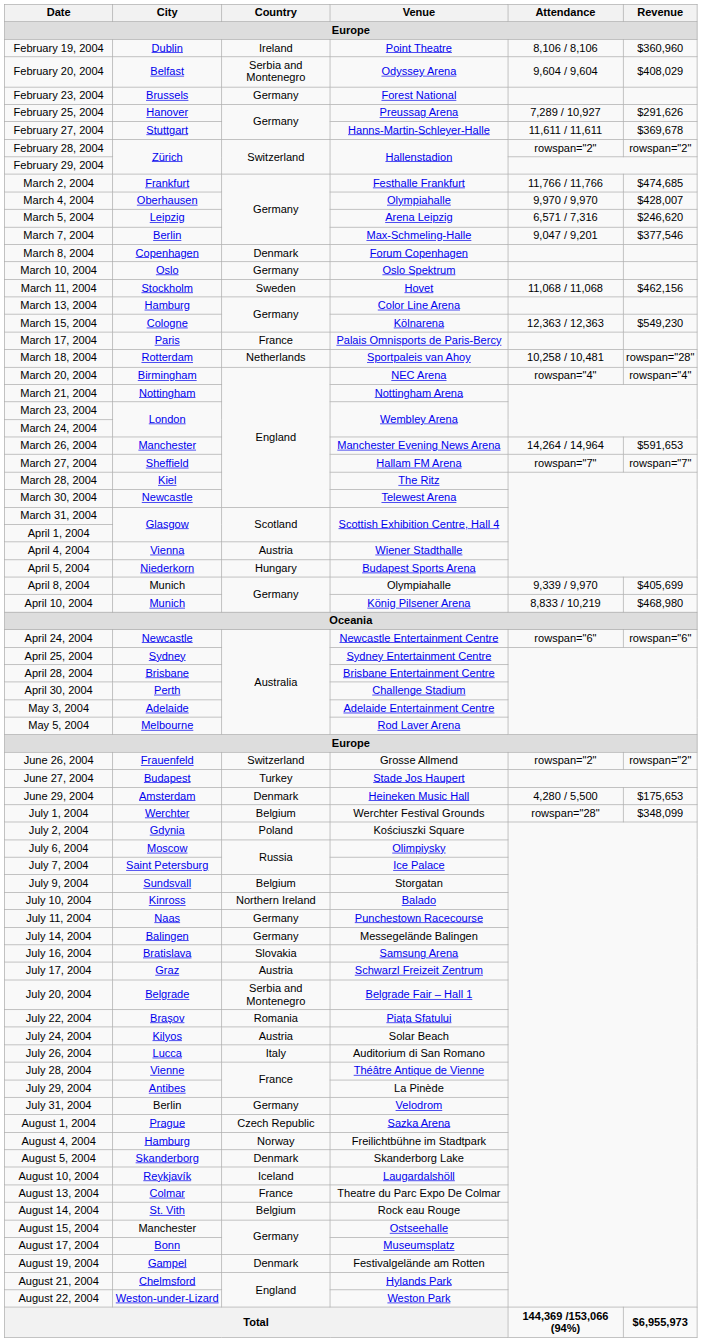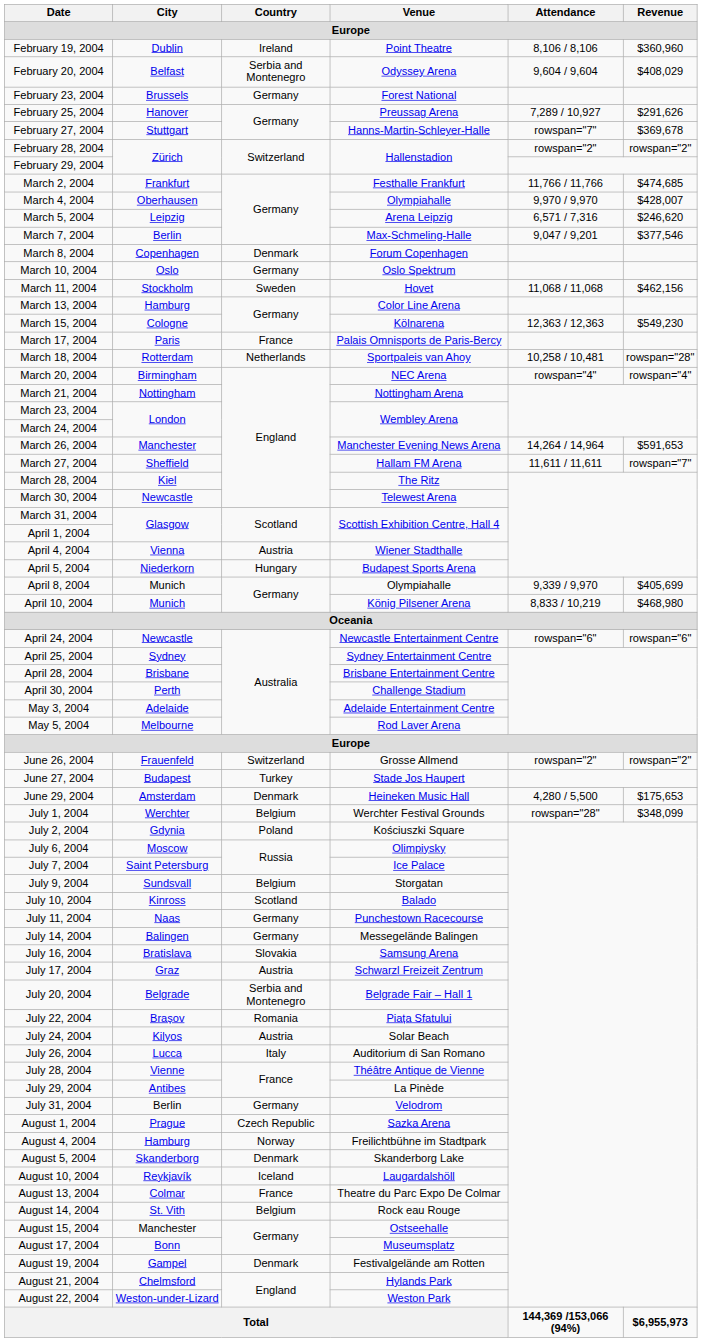 <table class="wikitable" style="text-align:center;">
 <tr>
 <th width="150">Date</th>
 <th width="150">City</th>
 <th width="150">Country</th>
 <th width="250">Venue</th>
 <th width="160">Attendance</th>
 <th width="100">Revenue</th>
 </tr>
 <tr bgcolor="#DDDDDD">
 <td colspan=6><strong>Europe</strong></td>
 </tr>
 <tr>
 <td>February 19, 2004</td>
 <td><a href='#'>Dublin</a></td>
 <td>Ireland</td>
 <td><a href='#'>Point Theatre</a></td>
 <td>8,106 / 8,106</td>
 <td>$360,960</td>
 </tr>
 <tr>
 <td>February 20, 2004</td>
 <td><a href='#'>Belfast</a></td>
 <td>Serbia and Montenegro</td>
 <td><a href='#'>Odyssey Arena</a></td>
 <td>9,604 / 9,604</td>
 <td>$408,029</td>
 </tr>
 <tr>
 <td>February 23, 2004</td>
 <td><a href='#'>Brussels</a></td>
 <td>Germany</td>
 <td><a href='#'>Forest National</a></td>
 <td></td>
 <td></td>
 </tr>
 <tr>
 <td>February 25, 2004</td>
 <td><a href='#'>Hanover</a></td>
 <td rowspan="2">Germany</td>
 <td><a href='#'>Preussag Arena</a></td>
 <td>7,289 / 10,927</td>
 <td>$291,626</td>
 </tr>
 <tr>
 <td>February 27, 2004</td>
 <td><a href='#'>Stuttgart</a></td>
 <td><a href='#'>Hanns-Martin-Schleyer-Halle</a></td>
-<td>11,611 / 11,611</td>
+<td>rowspan="7" </td>
 <td>$369,678</td>
 </tr>
 <tr>
 <td>February 28, 2004</td>
 <td rowspan="2"><a href='#'>Zürich</a></td>
 <td rowspan="2">Switzerland</td>
 <td rowspan="2"><a href='#'>Hallenstadion</a></td>
 <td>rowspan="2" </td>
 <td>rowspan="2" </td>
 </tr>
 <tr>
 <td>February 29, 2004</td>
 </tr>
 <tr>
 <td>March 2, 2004</td>
 <td><a href='#'>Frankfurt</a></td>
 <td rowspan="4">Germany</td>
 <td><a href='#'>Festhalle Frankfurt</a></td>
 <td>11,766 / 11,766</td>
 <td>$474,685</td>
 </tr>
 <tr>
 <td>March 4, 2004</td>
 <td><a href='#'>Oberhausen</a></td>
 <td><a href='#'>Olympiahalle</a></td>
 <td>9,970 / 9,970</td>
 <td>$428,007</td>
 </tr>
 <tr>
 <td>March 5, 2004</td>
 <td><a href='#'>Leipzig</a></td>
 <td><a href='#'>Arena Leipzig</a></td>
 <td>6,571 / 7,316</td>
 <td>$246,620</td>
 </tr>
 <tr>
 <td>March 7, 2004</td>
 <td><a href='#'>Berlin</a></td>
 <td><a href='#'>Max-Schmeling-Halle</a></td>
 <td>9,047 / 9,201</td>
 <td>$377,546</td>
 </tr>
 <tr>
 <td>March 8, 2004</td>
 <td><a href='#'>Copenhagen</a></td>
 <td>Denmark</td>
 <td><a href='#'>Forum Copenhagen</a></td>
 <td></td>
 <td></td>
 </tr>
 <tr>
 <td>March 10, 2004</td>
 <td><a href='#'>Oslo</a></td>
 <td>Germany</td>
 <td><a href='#'>Oslo Spektrum</a></td>
 <td></td>
 <td></td>
 </tr>
 <tr>
 <td>March 11, 2004</td>
 <td><a href='#'>Stockholm</a></td>
 <td>Sweden</td>
 <td><a href='#'>Hovet</a></td>
 <td>11,068 / 11,068</td>
 <td>$462,156</td>
 </tr>
 <tr>
 <td>March 13, 2004</td>
 <td><a href='#'>Hamburg</a></td>
 <td rowspan="2">Germany</td>
 <td><a href='#'>Color Line Arena</a></td>
 <td></td>
 <td></td>
 </tr>
 <tr>
 <td>March 15, 2004</td>
 <td><a href='#'>Cologne</a></td>
 <td><a href='#'>Kölnarena</a></td>
 <td>12,363 / 12,363</td>
 <td>$549,230</td>
 </tr>
 <tr>
 <td>March 17, 2004</td>
 <td><a href='#'>Paris</a></td>
 <td>France</td>
 <td><a href='#'>Palais Omnisports de Paris-Bercy</a></td>
 <td></td>
 <td></td>
 </tr>
 <tr>
 <td>March 18, 2004</td>
 <td><a href='#'>Rotterdam</a></td>
 <td>Netherlands</td>
 <td><a href='#'>Sportpaleis van Ahoy</a></td>
 <td>10,258 / 10,481</td>
 <td>rowspan="28" </td>
 </tr>
 <tr>
 <td>March 20, 2004</td>
 <td><a href='#'>Birmingham</a></td>
 <td rowspan="8">England</td>
 <td><a href='#'>NEC Arena</a></td>
 <td>rowspan="4" </td>
 <td>rowspan="4" </td>
 </tr>
 <tr>
 <td>March 21, 2004</td>
 <td><a href='#'>Nottingham</a></td>
 <td><a href='#'>Nottingham Arena</a></td>
 </tr>
 <tr>
 <td>March 23, 2004</td>
 <td rowspan="2"><a href='#'>London</a></td>
 <td rowspan="2"><a href='#'>Wembley Arena</a></td>
 </tr>
 <tr>
 <td>March 24, 2004</td>
 </tr>
 <tr>
 <td>March 26, 2004</td>
 <td><a href='#'>Manchester</a></td>
 <td><a href='#'>Manchester Evening News Arena</a></td>
 <td>14,264 / 14,964</td>
 <td>$591,653</td>
 </tr>
 <tr>
 <td>March 27, 2004</td>
 <td><a href='#'>Sheffield</a></td>
 <td><a href='#'>Hallam FM Arena</a></td>
-<td>rowspan="7" </td>
+<td>11,611 / 11,611</td>
 <td>rowspan="7" </td>
 </tr>
 <tr>
 <td>March 28, 2004</td>
 <td><a href='#'>Kiel</a></td>
 <td><a href='#'>The Ritz</a></td>
 </tr>
 <tr>
 <td>March 30, 2004</td>
 <td><a href='#'>Newcastle</a></td>
 <td><a href='#'>Telewest Arena</a></td>
 </tr>
 <tr>
 <td>March 31, 2004</td>
 <td rowspan="2"><a href='#'>Glasgow</a></td>
 <td rowspan="2">Scotland</td>
 <td rowspan="2"><a href='#'>Scottish Exhibition Centre, Hall 4</a></td>
 </tr>
 <tr>
 <td>April 1, 2004</td>
 </tr>
 <tr>
 <td>April 4, 2004</td>
 <td><a href='#'>Vienna</a></td>
 <td>Austria</td>
 <td><a href='#'>Wiener Stadthalle</a></td>
 </tr>
 <tr>
 <td>April 5, 2004</td>
 <td><a href='#'>Niederkorn</a></td>
 <td>Hungary</td>
 <td><a href='#'>Budapest Sports Arena</a></td>
 </tr>
 <tr>
 <td>April 8, 2004</td>
 <td>Munich</td>
 <td rowspan="2">Germany</td>
 <td>Olympiahalle</td>
 <td>9,339 / 9,970</td>
 <td>$405,699</td>
 </tr>
 <tr>
 <td>April 10, 2004</td>
 <td><a href='#'>Munich</a></td>
 <td><a href='#'>König Pilsener Arena</a></td>
 <td>8,833 / 10,219</td>
 <td>$468,980</td>
 </tr>
 <tr bgcolor="#DDDDDD">
 <td colspan=6><strong>Oceania</strong></td>
 </tr>
 <tr>
 <td>April 24, 2004</td>
 <td><a href='#'>Newcastle</a></td>
 <td rowspan="6">Australia</td>
 <td><a href='#'>Newcastle Entertainment Centre</a></td>
 <td>rowspan="6" </td>
 <td>rowspan="6" </td>
 </tr>
 <tr>
 <td>April 25, 2004</td>
 <td><a href='#'>Sydney</a></td>
 <td><a href='#'>Sydney Entertainment Centre</a></td>
 </tr>
 <tr>
 <td>April 28, 2004</td>
 <td><a href='#'>Brisbane</a></td>
 <td><a href='#'>Brisbane Entertainment Centre</a></td>
 </tr>
 <tr>
 <td>April 30, 2004</td>
 <td><a href='#'>Perth</a></td>
 <td><a href='#'>Challenge Stadium</a></td>
 </tr>
 <tr>
 <td>May 3, 2004</td>
 <td><a href='#'>Adelaide</a></td>
 <td><a href='#'>Adelaide Entertainment Centre</a></td>
 </tr>
 <tr>
 <td>May 5, 2004</td>
 <td><a href='#'>Melbourne</a></td>
 <td><a href='#'>Rod Laver Arena</a></td>
 </tr>
 <tr bgcolor="#DDDDDD">
 <td colspan=6><strong>Europe</strong></td>
 </tr>
 <tr>
 <td>June 26, 2004</td>
 <td><a href='#'>Frauenfeld</a></td>
 <td>Switzerland</td>
 <td>Grosse Allmend</td>
 <td>rowspan="2" </td>
 <td>rowspan="2" </td>
 </tr>
 <tr>
 <td>June 27, 2004</td>
 <td><a href='#'>Budapest</a></td>
 <td>Turkey</td>
 <td><a href='#'>Stade Jos Haupert</a></td>
 </tr>
 <tr>
 <td>June 29, 2004</td>
 <td><a href='#'>Amsterdam</a></td>
 <td>Denmark</td>
 <td><a href='#'>Heineken Music Hall</a></td>
 <td>4,280 / 5,500</td>
 <td>$175,653</td>
 </tr>
 <tr>
 <td>July 1, 2004</td>
 <td><a href='#'>Werchter</a></td>
 <td>Belgium</td>
 <td>Werchter Festival Grounds</td>
 <td>rowspan="28" </td>
 <td>$348,099</td>
 </tr>
 <tr>
 <td>July 2, 2004</td>
 <td><a href='#'>Gdynia</a></td>
 <td>Poland</td>
 <td>Kościuszki Square</td>
 </tr>
 <tr>
 <td>July 6, 2004</td>
 <td><a href='#'>Moscow</a></td>
 <td rowspan="2">Russia</td>
 <td><a href='#'>Olimpiysky</a></td>
 </tr>
 <tr>
 <td>July 7, 2004</td>
 <td><a href='#'>Saint Petersburg</a></td>
 <td><a href='#'>Ice Palace</a></td>
 </tr>
 <tr>
 <td>July 9, 2004</td>
 <td><a href='#'>Sundsvall</a></td>
 <td>Belgium</td>
 <td>Storgatan</td>
 </tr>
 <tr>
 <td>July 10, 2004</td>
 <td><a href='#'>Kinross</a></td>
-<td>Northern Ireland</td>
+<td>Scotland</td>
 <td><a href='#'>Balado</a></td>
 </tr>
 <tr>
 <td>July 11, 2004</td>
 <td><a href='#'>Naas</a></td>
 <td>Germany</td>
 <td><a href='#'>Punchestown Racecourse</a></td>
 </tr>
 <tr>
 <td>July 14, 2004</td>
 <td><a href='#'>Balingen</a></td>
 <td>Germany</td>
 <td>Messegelände Balingen</td>
 </tr>
 <tr>
 <td>July 16, 2004</td>
 <td><a href='#'>Bratislava</a></td>
 <td>Slovakia</td>
 <td><a href='#'>Samsung Arena</a></td>
 </tr>
 <tr>
 <td>July 17, 2004</td>
 <td><a href='#'>Graz</a></td>
 <td>Austria</td>
 <td><a href='#'>Schwarzl Freizeit Zentrum</a></td>
 </tr>
 <tr>
 <td>July 20, 2004</td>
 <td><a href='#'>Belgrade</a></td>
 <td>Serbia and Montenegro</td>
 <td><a href='#'>Belgrade Fair – Hall 1</a></td>
 </tr>
 <tr>
 <td>July 22, 2004</td>
 <td><a href='#'>Brașov</a></td>
 <td>Romania</td>
 <td><a href='#'>Piața Sfatului</a></td>
 </tr>
 <tr>
 <td>July 24, 2004</td>
 <td><a href='#'>Kilyos</a></td>
 <td>Austria</td>
 <td>Solar Beach</td>
 </tr>
 <tr>
 <td>July 26, 2004</td>
 <td><a href='#'>Lucca</a></td>
 <td>Italy</td>
 <td>Auditorium di San Romano</td>
 </tr>
 <tr>
 <td>July 28, 2004</td>
 <td><a href='#'>Vienne</a></td>
 <td rowspan="2">France</td>
 <td><a href='#'>Théâtre Antique de Vienne</a></td>
 </tr>
 <tr>
 <td>July 29, 2004</td>
 <td><a href='#'>Antibes</a></td>
 <td>La Pinède</td>
 </tr>
 <tr>
 <td>July 31, 2004</td>
 <td>Berlin</td>
 <td>Germany</td>
 <td><a href='#'>Velodrom</a></td>
 </tr>
 <tr>
 <td>August 1, 2004</td>
 <td><a href='#'>Prague</a></td>
 <td>Czech Republic</td>
 <td><a href='#'>Sazka Arena</a></td>
 </tr>
 <tr>
 <td>August 4, 2004</td>
 <td><a href='#'>Hamburg</a></td>
 <td>Norway</td>
 <td>Freilichtbühne im Stadtpark</td>
 </tr>
 <tr>
 <td>August 5, 2004</td>
 <td><a href='#'>Skanderborg</a></td>
 <td>Denmark</td>
 <td>Skanderborg Lake</td>
 </tr>
 <tr>
 <td>August 10, 2004</td>
 <td><a href='#'>Reykjavík</a></td>
 <td>Iceland</td>
 <td><a href='#'>Laugardalshöll</a></td>
 </tr>
 <tr>
 <td>August 13, 2004</td>
 <td><a href='#'>Colmar</a></td>
 <td>France</td>
 <td>Theatre du Parc Expo De Colmar</td>
 </tr>
 <tr>
 <td>August 14, 2004</td>
 <td><a href='#'>St. Vith</a></td>
 <td>Belgium</td>
 <td>Rock eau Rouge</td>
 </tr>
 <tr>
 <td>August 15, 2004</td>
 <td>Manchester</td>
 <td rowspan="2">Germany</td>
 <td><a href='#'>Ostseehalle</a></td>
 </tr>
 <tr>
 <td>August 17, 2004</td>
 <td><a href='#'>Bonn</a></td>
 <td><a href='#'>Museumsplatz</a></td>
 </tr>
 <tr>
 <td>August 19, 2004</td>
 <td><a href='#'>Gampel</a></td>
 <td>Denmark</td>
 <td>Festivalgelände am Rotten</td>
 </tr>
 <tr>
 <td>August 21, 2004</td>
 <td><a href='#'>Chelmsford</a></td>
 <td rowspan="2">England</td>
 <td><a href='#'>Hylands Park</a></td>
 </tr>
 <tr>
 <td>August 22, 2004</td>
 <td><a href='#'>Weston-under-Lizard</a></td>
 <td><a href='#'>Weston Park</a></td>
 </tr>
 <tr>
 <th colspan="4">Total</th>
 <td><strong>144,369 /153,066 (94%)</strong></td>
 <td><strong>$6,955,973</strong></td>
 </tr>
 </table>
